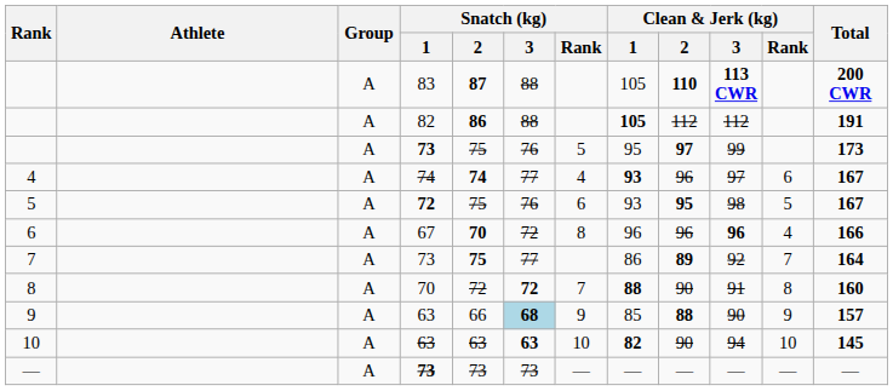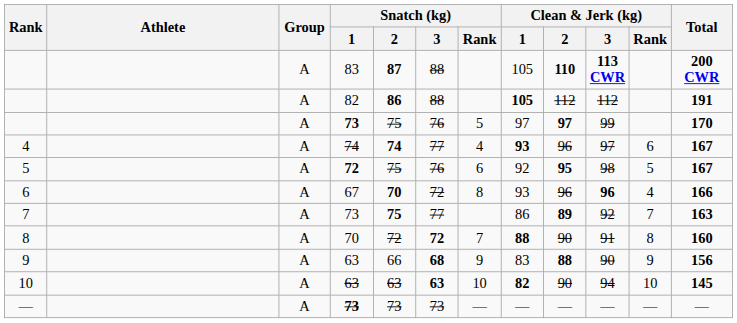 <table class = "wikitable" style="text-align:center;">
 <tr>
 <th rowspan=2 width=40>Rank</th>
 <th rowspan=2 width=250>Athlete</th>
 <th rowspan=2 width=50>Group</th>
 <th colspan=4>Snatch (kg)</th>
 <th colspan=4>Clean & Jerk (kg)</th>
 <th rowspan=2 width=60>Total</th>
 </tr>
 <tr>
 <th width=40>1</th>
 <th width=40>2</th>
 <th width=40>3</th>
 <th width=40>Rank</th>
 <th width=40>1</th>
 <th width=40>2</th>
 <th width=40>3</th>
 <th width=40>Rank</th>
 </tr>
 <tr>
 <td></td>
 <td align=left></td>
 <td>A</td>
 <td>83</td>
 <td><strong>87</strong></td>
 <td><s>88</s></td>
 <td></td>
 <td>105</td>
 <td><strong>110</strong></td>
 <td><strong>113 <a href='#'>CWR</a></strong></td>
 <td></td>
 <td><strong>200 <a href='#'>CWR</a></strong></td>
 </tr>
 <tr>
 <td></td>
 <td align=left></td>
 <td>A</td>
 <td>82</td>
 <td><strong>86</strong></td>
 <td><s>88</s></td>
 <td></td>
 <td><strong>105</strong></td>
 <td><s>112</s></td>
 <td><s>112</s></td>
 <td></td>
 <td><strong>191</strong></td>
 </tr>
 <tr>
 <td></td>
 <td align=left></td>
 <td>A</td>
 <td><strong>73</strong></td>
 <td><s>75</s></td>
 <td><s>76</s></td>
 <td>5</td>
-<td>95</td>
+<td>97</td>
 <td><strong>97</strong></td>
 <td><s>99</s></td>
 <td></td>
-<td><strong>173</strong></td>
+<td><strong>170</strong></td>
 </tr>
 <tr>
 <td>4</td>
 <td align=left></td>
 <td>A</td>
 <td><s>74</s></td>
 <td><strong>74</strong></td>
 <td><s>77</s></td>
 <td>4</td>
 <td><strong>93</strong></td>
 <td><s>96</s></td>
 <td><s>97</s></td>
 <td>6</td>
 <td><strong>167</strong></td>
 </tr>
 <tr>
 <td>5</td>
 <td align=left></td>
 <td>A</td>
 <td><strong>72</strong></td>
 <td><s>75</s></td>
 <td><s>76</s></td>
 <td>6</td>
-<td>93</td>
+<td>92</td>
 <td><strong>95</strong></td>
 <td><s>98</s></td>
 <td>5</td>
 <td><strong>167</strong></td>
 </tr>
 <tr>
 <td>6</td>
 <td align=left></td>
 <td>A</td>
 <td>67</td>
 <td><strong>70</strong></td>
 <td><s>72</s></td>
 <td>8</td>
-<td>96</td>
+<td>93</td>
 <td><s>96</s></td>
 <td><strong>96</strong></td>
 <td>4</td>
 <td><strong>166</strong></td>
 </tr>
 <tr>
 <td>7</td>
 <td align=left></td>
 <td>A</td>
 <td>73</td>
 <td><strong>75</strong></td>
 <td><s>77</s></td>
 <td></td>
 <td>86</td>
 <td><strong>89</strong></td>
 <td><s>92</s></td>
 <td>7</td>
-<td><strong>164</strong></td>
+<td><strong>163</strong></td>
 </tr>
 <tr>
 <td>8</td>
 <td align=left></td>
 <td>A</td>
 <td>70</td>
 <td><s>72</s></td>
 <td><strong>72</strong></td>
 <td>7</td>
 <td><strong>88</strong></td>
 <td><s>90</s></td>
 <td><s>91</s></td>
 <td>8</td>
 <td><strong>160</strong></td>
 </tr>
 <tr>
 <td>9</td>
 <td align=left></td>
 <td>A</td>
 <td>63</td>
 <td>66</td>
-<td style="background: lightblue;"><strong>68</strong></td>
+<td><strong>68</strong></td>
 <td>9</td>
-<td>85</td>
+<td>83</td>
 <td><strong>88</strong></td>
 <td><s>90</s></td>
 <td>9</td>
-<td><strong>157</strong></td>
+<td><strong>156</strong></td>
 </tr>
 <tr>
 <td>10</td>
 <td align=left></td>
 <td>A</td>
 <td><s>63</s></td>
 <td><s>63</s></td>
 <td><strong>63</strong></td>
 <td>10</td>
 <td><strong>82</strong></td>
 <td><s>90</s></td>
 <td><s>94</s></td>
 <td>10</td>
 <td><strong>145</strong></td>
 </tr>
 <tr>
 <td>—</td>
 <td align=left></td>
 <td>A</td>
 <td><strong><s>73</s></strong></td>
 <td><s>73</s></td>
 <td><s>73</s></td>
 <td>—</td>
 <td>—</td>
 <td>—</td>
 <td>—</td>
 <td>—</td>
 <td>—</td>
 </tr>
 </table>
